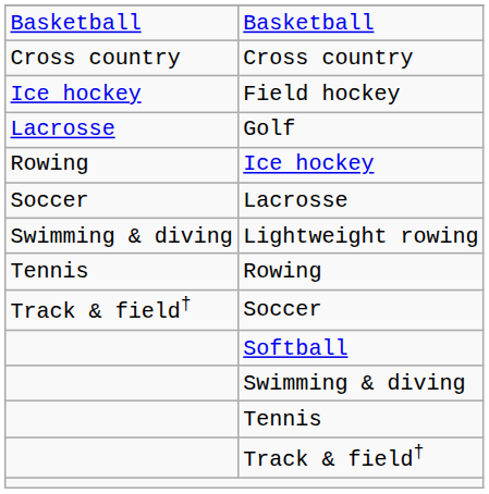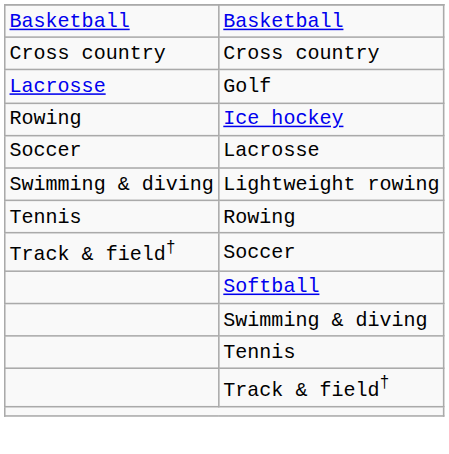 <table class="wikitable" style=" ">
 <tr>
 </tr>
 <tr>
 <td><a href='#'>Basketball</a></td>
 <td><a href='#'>Basketball</a></td>
 </tr>
 <tr>
 <td>Cross country</td>
 <td>Cross country</td>
-</tr>
-<tr>
-<td><a href='#'>Ice hockey</a></td>
-<td>Field hockey</td>
 </tr>
 <tr>
 <td><a href='#'>Lacrosse</a></td>
 <td>Golf</td>
 </tr>
 <tr>
 <td>Rowing</td>
 <td><a href='#'>Ice hockey</a></td>
 </tr>
 <tr>
 <td>Soccer</td>
 <td>Lacrosse</td>
 </tr>
 <tr>
 <td>Swimming & diving</td>
 <td>Lightweight rowing</td>
 </tr>
 <tr>
 <td>Tennis</td>
 <td>Rowing</td>
 </tr>
 <tr>
 <td>Track & field<sup>†</sup></td>
 <td>Soccer</td>
 </tr>
 <tr>
 <td></td>
 <td><a href='#'>Softball</a></td>
 </tr>
 <tr>
 <td></td>
 <td>Swimming & diving</td>
 </tr>
 <tr>
 <td></td>
 <td>Tennis</td>
 </tr>
 <tr>
 <td></td>
 <td>Track & field<sup>†</sup></td>
 </tr>
 <tr>
 <td colspan="2"></td>
 </tr>
 </table>
